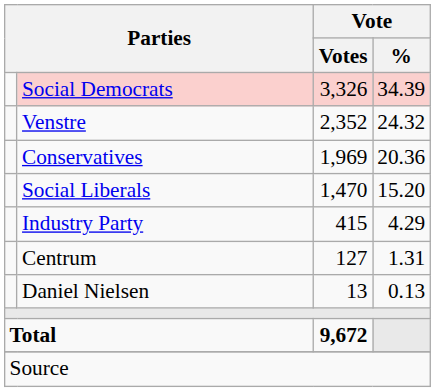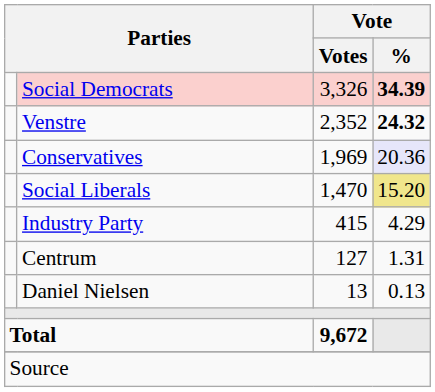 <table class="wikitable" style="text-align:right;">
 <tr>
 <th style="text-align:centre;" rowspan="2" colspan="2" width="225">Parties</th>
 <th colspan="3">Vote</th>
 </tr>
 <tr>
 <th width="15">Votes</th>
 <th width="15">%</th>
 </tr>
 <tr>
 <td width="2" style="color:inherit;background:"></td>
 <td bgcolor=#fbd0ce  align="left"><a href='#'>Social Democrats</a></td>
 <td bgcolor=#fbd0ce>3,326</td>
-<td bgcolor=#fbd0ce>34.39</td>
+<td bgcolor=#fbd0ce><strong>34.39</strong></td>
 </tr>
 <tr>
 <td width="2" style="color:inherit;background:"></td>
 <td align="left"><a href='#'>Venstre</a></td>
 <td>2,352</td>
-<td>24.32</td>
+<td><strong>24.32</strong></td>
 </tr>
 <tr>
 <td width="2" style="color:inherit;background:"></td>
 <td align="left"><a href='#'>Conservatives</a></td>
 <td>1,969</td>
-<td>20.36</td>
+<td style="background: lavender;">20.36</td>
 </tr>
 <tr>
 <td width="2" style="color:inherit;background:"></td>
 <td align="left"><a href='#'>Social Liberals</a></td>
 <td>1,470</td>
-<td>15.20</td>
+<td style="background: khaki;">15.20</td>
 </tr>
 <tr>
 <td width="2" style="color:inherit;background:"></td>
 <td align="left"><a href='#'>Industry Party</a></td>
 <td>415</td>
 <td>4.29</td>
 </tr>
 <tr>
 <td width="2" style="color:inherit;background:"></td>
 <td align="left">Centrum</td>
 <td>127</td>
 <td>1.31</td>
 </tr>
 <tr>
 <td width="2" style="color:inherit;background:"></td>
 <td align="left">Daniel Nielsen</td>
 <td>13</td>
 <td>0.13</td>
 </tr>
 <tr>
 <td colspan="7" bgcolor="#E9E9E9"></td>
 </tr>
 <tr>
 <td align="left" colspan="2"><strong>Total</strong></td>
 <td><strong>9,672</strong></td>
 <td bgcolor="#E9E9E9" colspan="2"></td>
 </tr>
 <tr>
 </tr>
 <tr>
 <td align="left" colspan="6">Source</td>
 </tr>
 </table>
